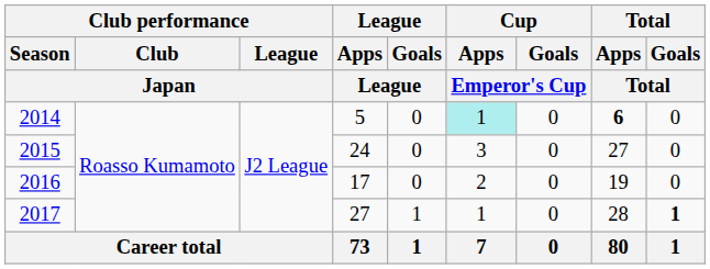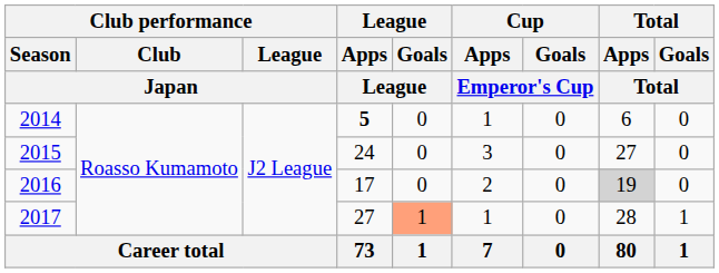 <table class="wikitable" style="text-align:center">
 <tr>
 <th colspan=3>Club performance</th>
 <th colspan=2>League</th>
 <th colspan=2>Cup</th>
 <th colspan=2>Total</th>
 </tr>
 <tr>
 <th>Season</th>
 <th>Club</th>
 <th>League</th>
 <th>Apps</th>
 <th>Goals</th>
 <th>Apps</th>
 <th>Goals</th>
 <th>Apps</th>
 <th>Goals</th>
 </tr>
 <tr>
 <th colspan=3>Japan</th>
 <th colspan=2>League</th>
 <th colspan=2><a href='#'>Emperor's Cup</a></th>
 <th colspan=2>Total</th>
 </tr>
 <tr>
 <td><a href='#'>2014</a></td>
 <td rowspan="4"><a href='#'>Roasso Kumamoto</a></td>
 <td rowspan="4"><a href='#'>J2 League</a></td>
-<td>5</td>
+<td><strong>5</strong></td>
 <td>0</td>
-<td style="background: paleturquoise;">1</td>
+<td>1</td>
 <td>0</td>
-<td><strong>6</strong></td>
+<td>6</td>
 <td>0</td>
 </tr>
 <tr>
 <td><a href='#'>2015</a></td>
 <td>24</td>
 <td>0</td>
 <td>3</td>
 <td>0</td>
 <td>27</td>
 <td>0</td>
 </tr>
 <tr>
 <td><a href='#'>2016</a></td>
 <td>17</td>
 <td>0</td>
 <td>2</td>
 <td>0</td>
-<td>19</td>
+<td style="background: lightgrey;">19</td>
 <td>0</td>
 </tr>
 <tr>
 <td><a href='#'>2017</a></td>
 <td>27</td>
-<td>1</td>
+<td style="background: lightsalmon;">1</td>
 <td>1</td>
 <td>0</td>
 <td>28</td>
-<td><strong>1</strong></td>
+<td>1</td>
 </tr>
 <tr>
 <th colspan=3>Career total</th>
 <th>73</th>
 <th>1</th>
 <th>7</th>
 <th>0</th>
 <th>80</th>
 <th>1</th>
 </tr>
 </table>
